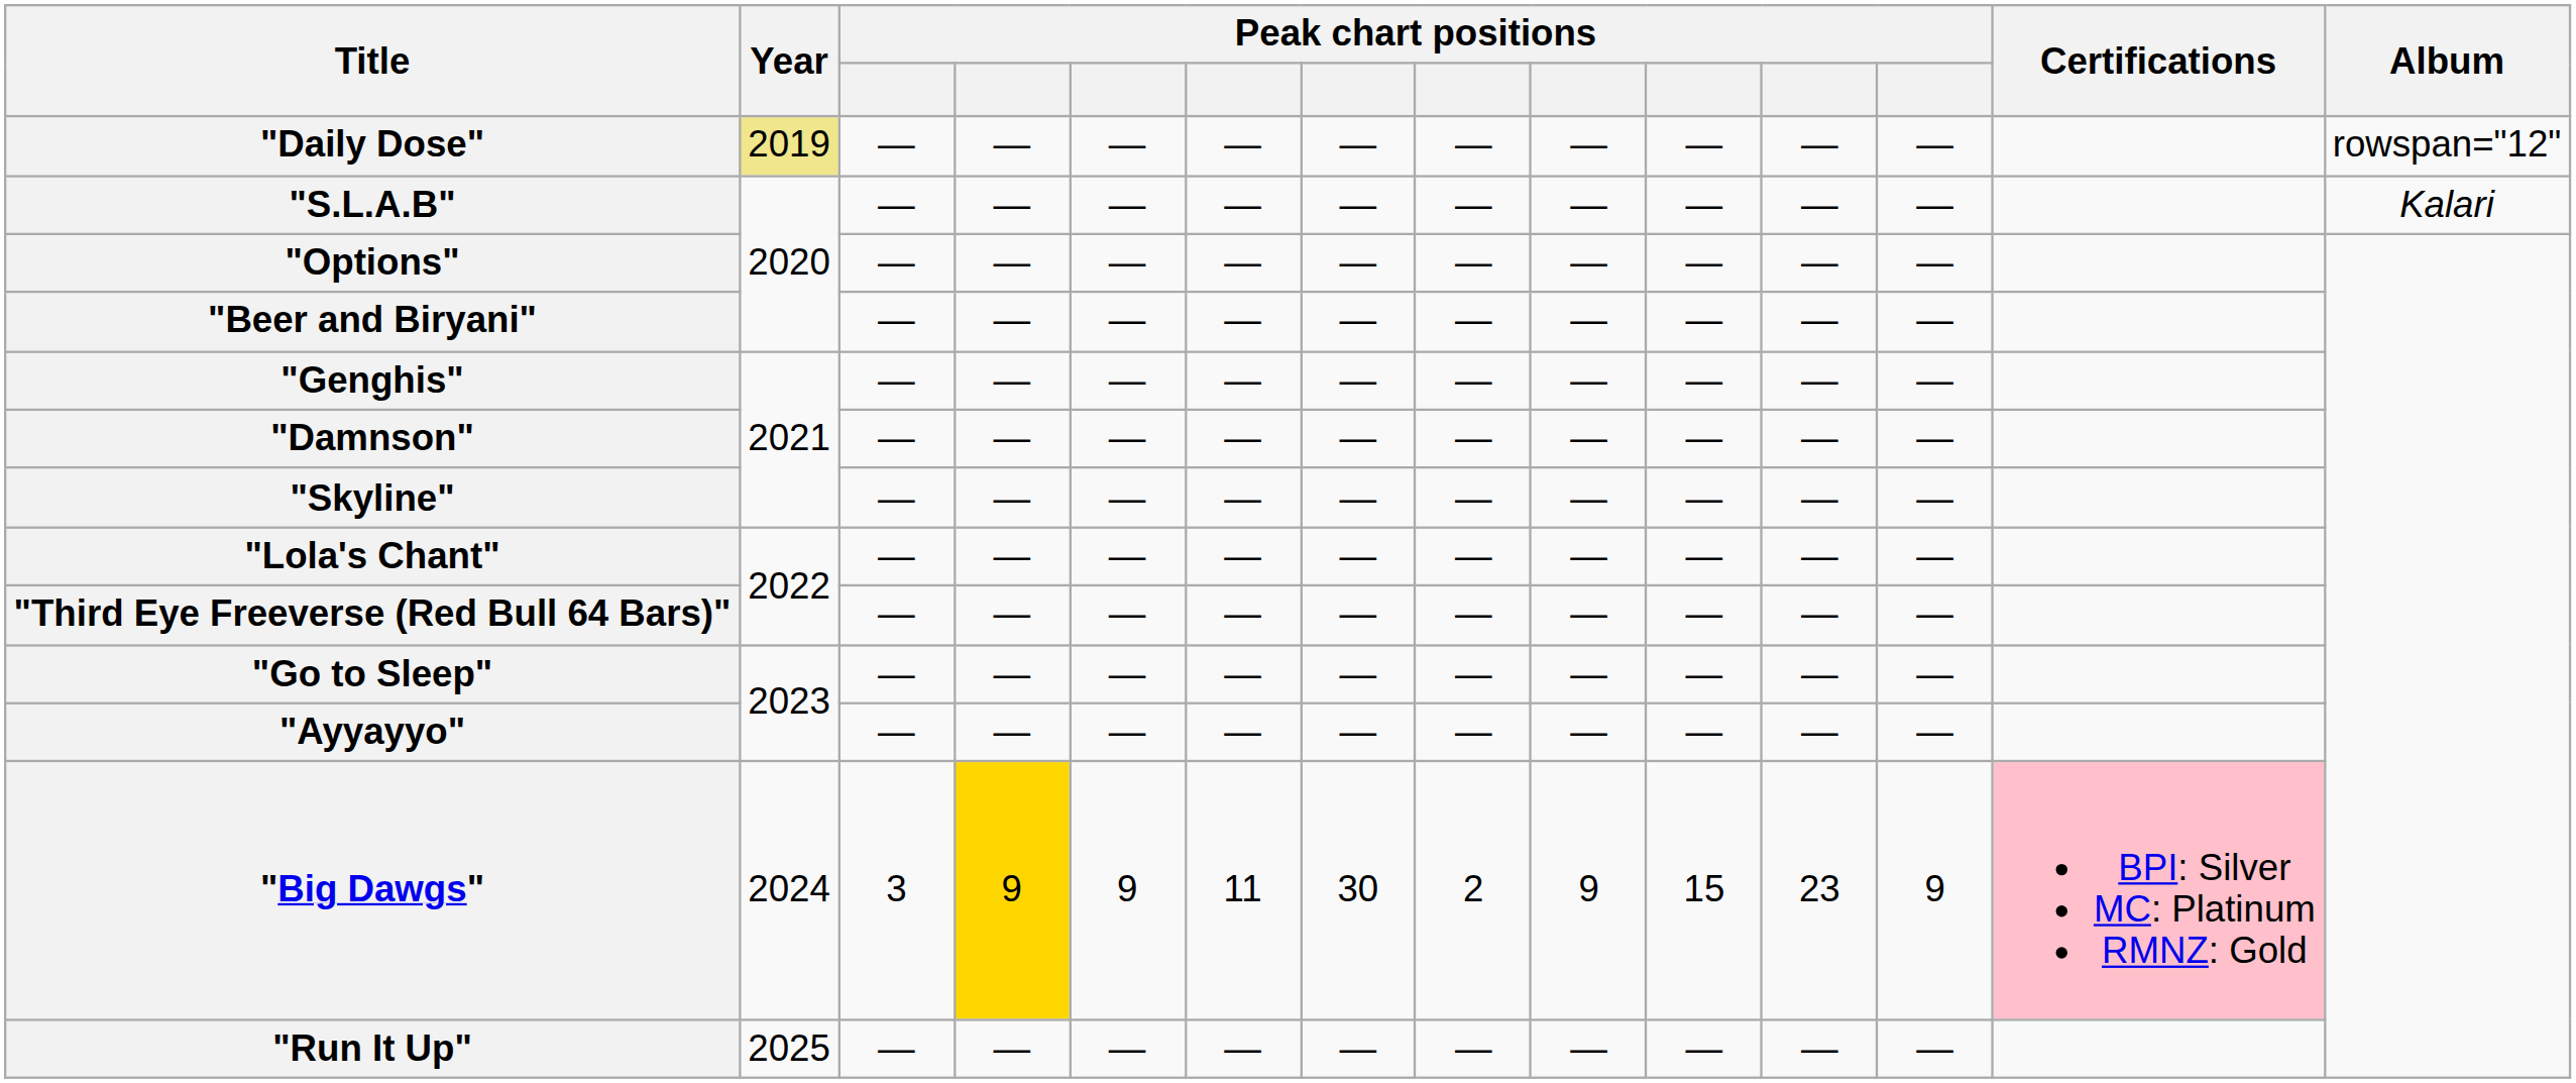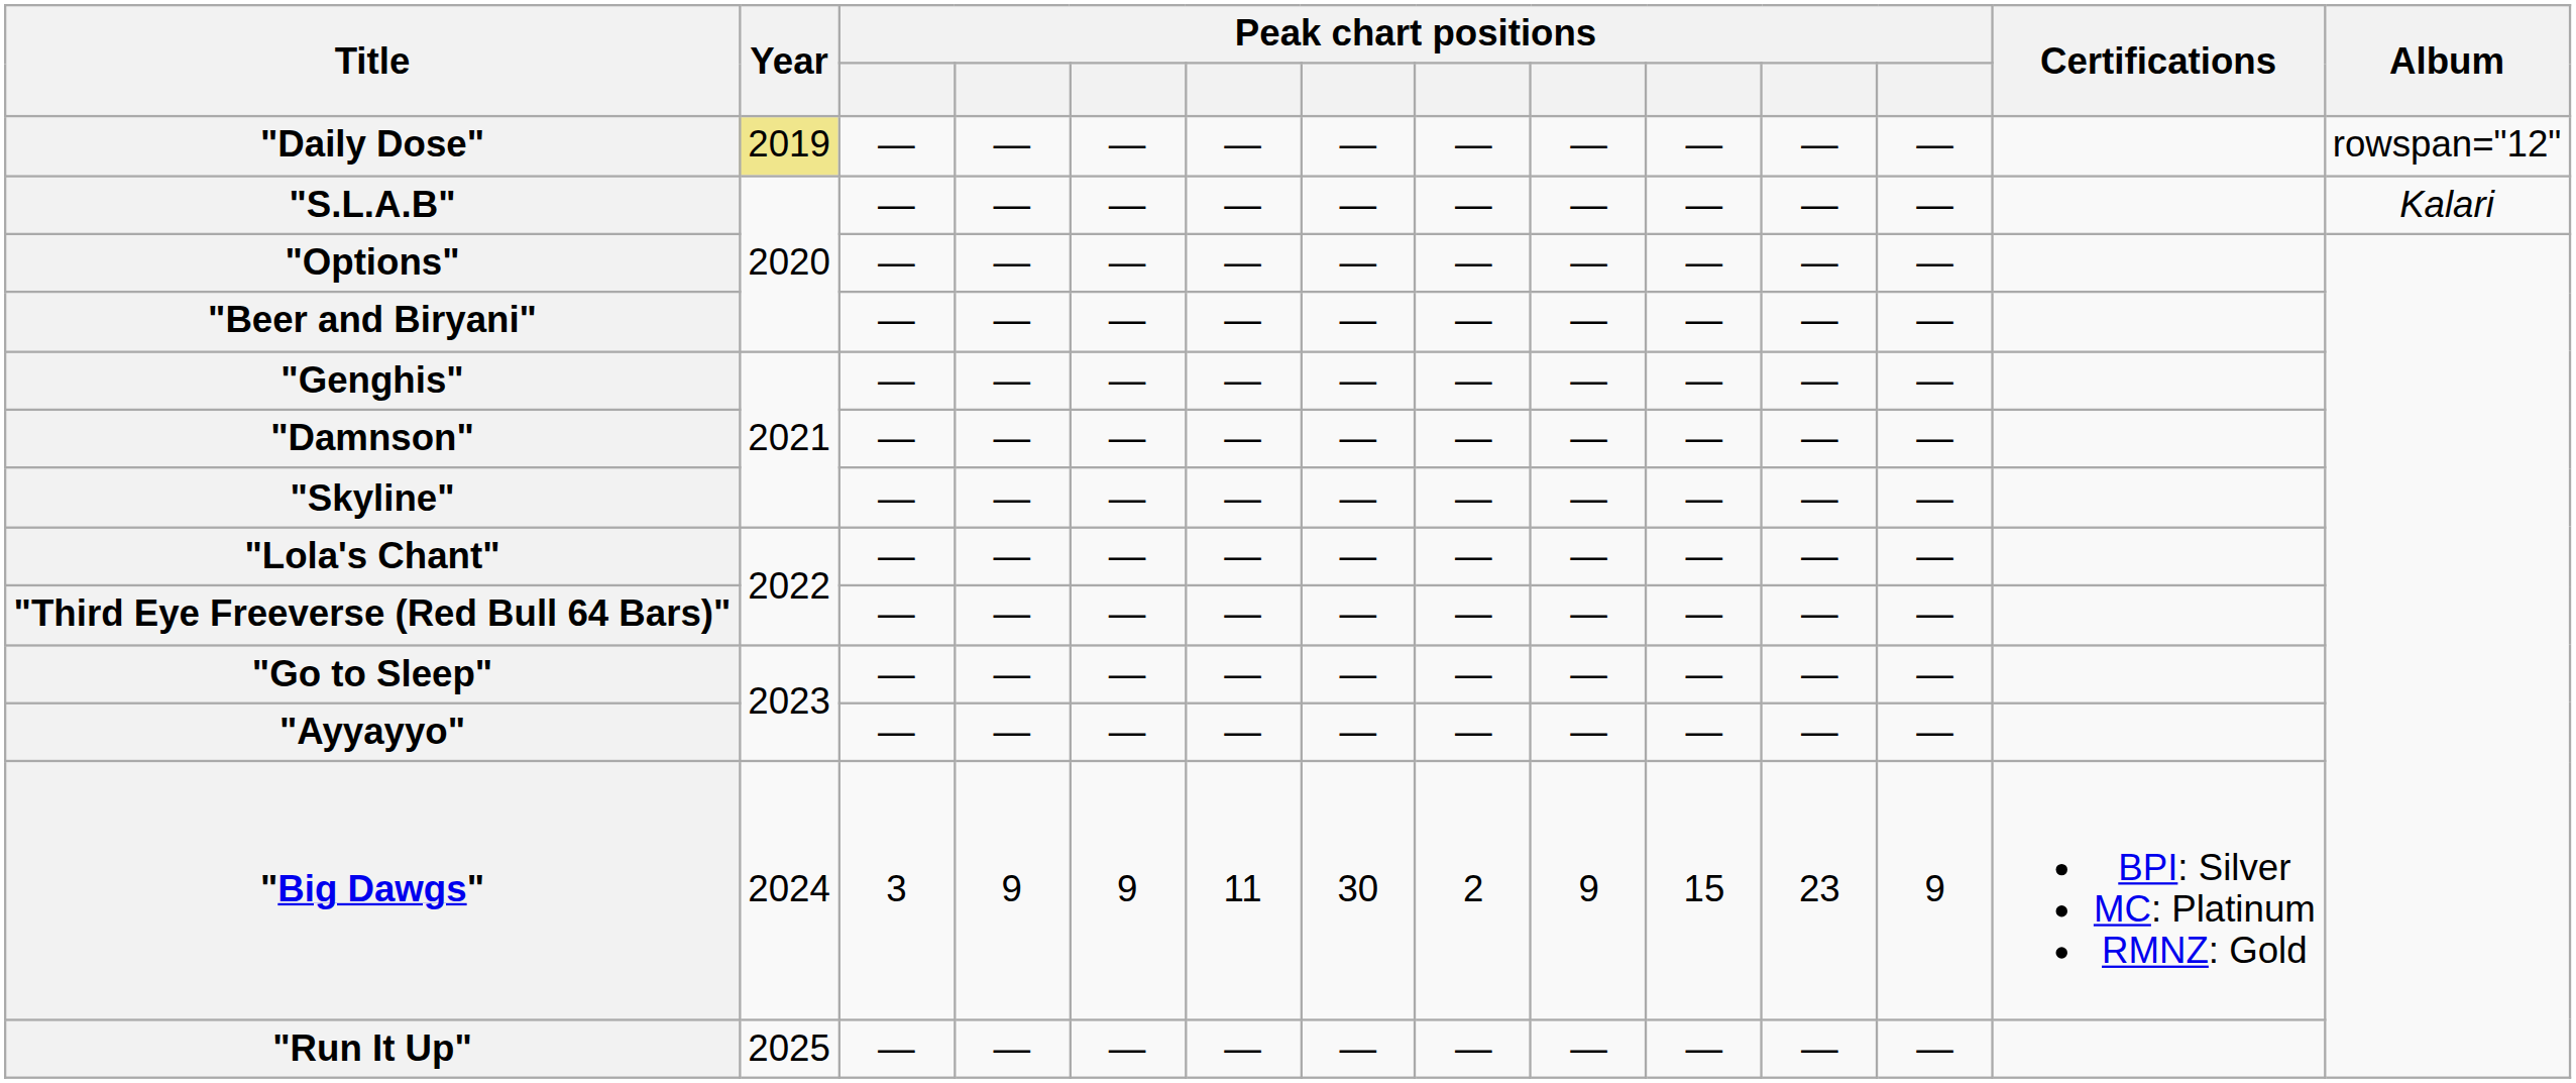 <table class="wikitable plainrowheaders" style="text-align:center">
 <tr>
 <th scope="col" rowspan="2">Title</th>
 <th scope="col" rowspan="2">Year</th>
 <th scope="col" colspan="10">Peak chart positions</th>
 <th scope="col" rowspan="2">Certifications</th>
 <th scope="col" rowspan="2">Album</th>
 </tr>
 <tr>
 <th scope="col" style="width:3em;font-size:90%"><a href='#'></a><br></th>
 <th scope="col" style="width:3em;font-size:90%"><a href='#'></a><br></th>
 <th scope="col" style="width:3em;font-size:90%"><a href='#'></a><br></th>
 <th scope="col" style="width:3em;font-size:90%;"><a href='#'></a><br></th>
 <th scope="col" style="width:3em;font-size:90%;"><a href='#'></a><br></th>
 <th scope="col" style="width:3em;font-size:90%"><a href='#'></a><br></th>
 <th scope="col" style="width:3em;font-size:90%;"><a href='#'></a><br></th>
 <th scope="col" style="width:3em;font-size:90%;"><a href='#'></a><br></th>
 <th scope="col" style="width:3em;font-size:90%"><a href='#'></a><br></th>
 <th scope="col" style="width:3em;font-size:90%"><a href='#'></a><br></th>
 </tr>
 <tr>
 <th scope="row">"Daily Dose"</th>
 <td style="background: khaki;">2019</td>
 <td>—</td>
 <td>—</td>
 <td>—</td>
 <td>—</td>
 <td>—</td>
 <td>—</td>
 <td>—</td>
 <td>—</td>
 <td>—</td>
 <td>—</td>
 <td></td>
 <td>rowspan="12" </td>
 </tr>
 <tr>
 <th scope="row">"S.L.A.B"</th>
 <td rowspan="3">2020</td>
 <td>—</td>
 <td>—</td>
 <td>—</td>
 <td>—</td>
 <td>—</td>
 <td>—</td>
 <td>—</td>
 <td>—</td>
 <td>—</td>
 <td>—</td>
 <td></td>
 <td><em>Kalari</em></td>
 </tr>
 <tr>
 <th scope="row">"Options"</th>
 <td>—</td>
 <td>—</td>
 <td>—</td>
 <td>—</td>
 <td>—</td>
 <td>—</td>
 <td>—</td>
 <td>—</td>
 <td>—</td>
 <td>—</td>
 <td></td>
 </tr>
 <tr>
 <th scope="row">"Beer and Biryani"</th>
 <td>—</td>
 <td>—</td>
 <td>—</td>
 <td>—</td>
 <td>—</td>
 <td>—</td>
 <td>—</td>
 <td>—</td>
 <td>—</td>
 <td>—</td>
 <td></td>
 </tr>
 <tr>
 <th scope="row">"Genghis"</th>
 <td rowspan="3">2021</td>
 <td>—</td>
 <td>—</td>
 <td>—</td>
 <td>—</td>
 <td>—</td>
 <td>—</td>
 <td>—</td>
 <td>—</td>
 <td>—</td>
 <td>—</td>
 <td></td>
 </tr>
 <tr>
 <th scope="row">"Damnson"</th>
 <td>—</td>
 <td>—</td>
 <td>—</td>
 <td>—</td>
 <td>—</td>
 <td>—</td>
 <td>—</td>
 <td>—</td>
 <td>—</td>
 <td>—</td>
 <td></td>
 </tr>
 <tr>
 <th scope="row">"Skyline"</th>
 <td>—</td>
 <td>—</td>
 <td>—</td>
 <td>—</td>
 <td>—</td>
 <td>—</td>
 <td>—</td>
 <td>—</td>
 <td>—</td>
 <td>—</td>
 <td></td>
 </tr>
 <tr>
 <th scope="row">"Lola's Chant"<br></th>
 <td rowspan="2">2022</td>
 <td>—</td>
 <td>—</td>
 <td>—</td>
 <td>—</td>
 <td>—</td>
 <td>—</td>
 <td>—</td>
 <td>—</td>
 <td>—</td>
 <td>—</td>
 <td></td>
 </tr>
 <tr>
 <th scope="row">"Third Eye Freeverse (Red Bull 64 Bars)"</th>
 <td>—</td>
 <td>—</td>
 <td>—</td>
 <td>—</td>
 <td>—</td>
 <td>—</td>
 <td>—</td>
 <td>—</td>
 <td>—</td>
 <td>—</td>
 <td></td>
 </tr>
 <tr>
 <th scope="row">"Go to Sleep"</th>
 <td rowspan="2">2023</td>
 <td>—</td>
 <td>—</td>
 <td>—</td>
 <td>—</td>
 <td>—</td>
 <td>—</td>
 <td>—</td>
 <td>—</td>
 <td>—</td>
 <td>—</td>
 <td></td>
 </tr>
 <tr>
 <th scope="row">"Ayyayyo"</th>
 <td>—</td>
 <td>—</td>
 <td>—</td>
 <td>—</td>
 <td>—</td>
 <td>—</td>
 <td>—</td>
 <td>—</td>
 <td>—</td>
 <td>—</td>
 <td></td>
 </tr>
 <tr>
 <th scope="row">"<a href='#'>Big Dawgs</a>"<br></th>
 <td>2024</td>
 <td>3</td>
-<td style="background: gold;">9</td>
+<td>9</td>
 <td>9</td>
 <td>11</td>
 <td>30</td>
 <td>2</td>
 <td>9</td>
 <td>15</td>
 <td>23</td>
 <td>9</td>
-<td style="background: pink;"><br><ul><li><a href='#'>BPI</a>: Silver</li><li><a href='#'>MC</a>: Platinum</li><li><a href='#'>RMNZ</a>: Gold</li></ul></td>
+<td><br><ul><li><a href='#'>BPI</a>: Silver</li><li><a href='#'>MC</a>: Platinum</li><li><a href='#'>RMNZ</a>: Gold</li></ul></td>
 </tr>
 <tr>
 <th scope="row">"Run It Up"<br></th>
 <td>2025</td>
 <td>—</td>
 <td>—</td>
 <td>—</td>
 <td>—</td>
 <td>—</td>
 <td>—</td>
 <td>—</td>
 <td>—</td>
 <td>—</td>
 <td>—</td>
 <td></td>
 </tr>
 </table>
